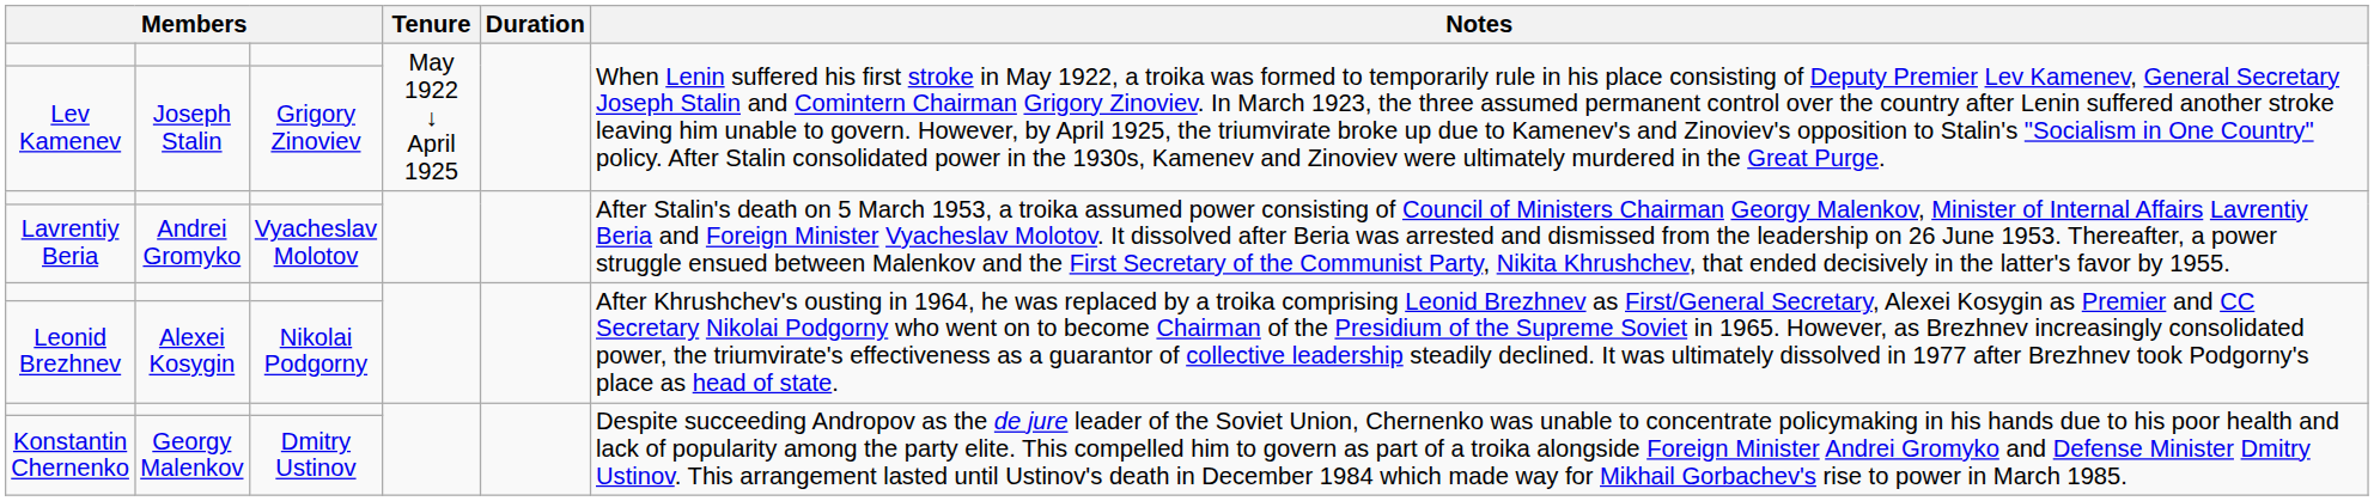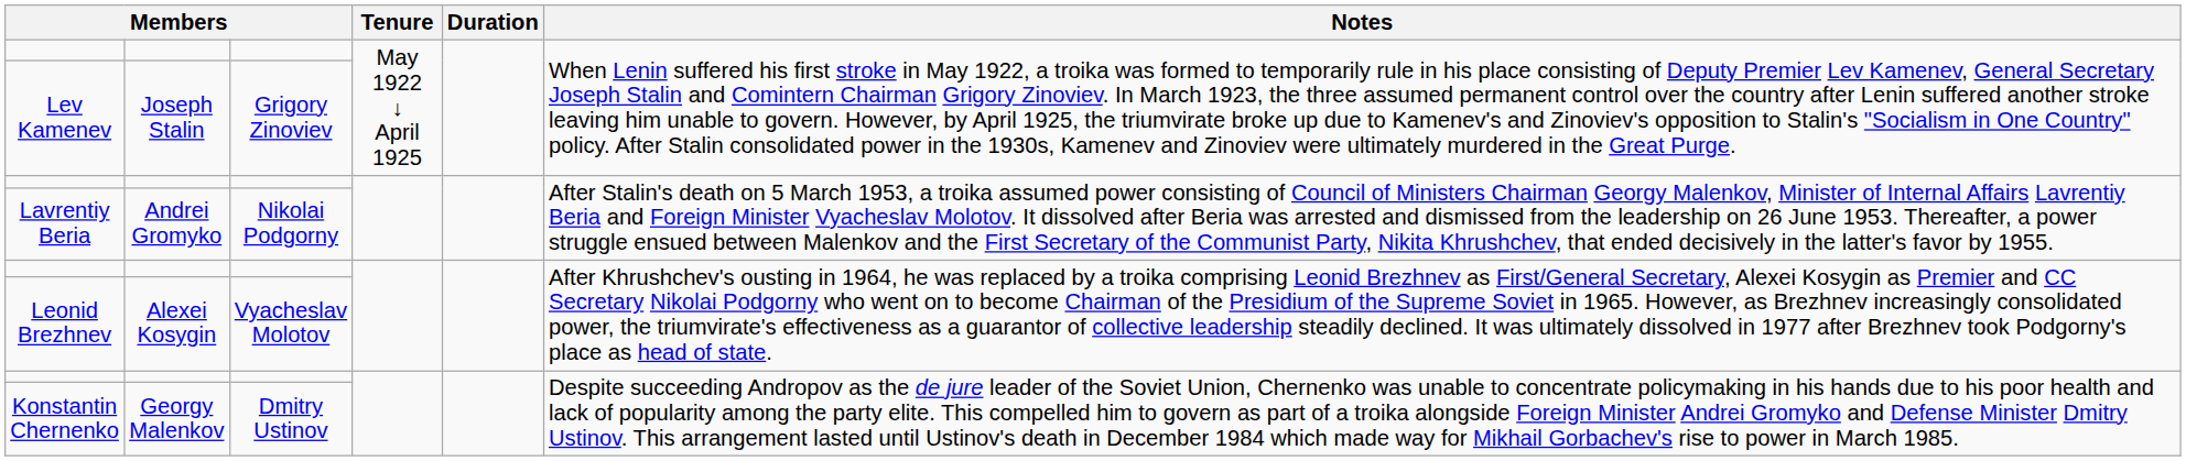 <table class="wikitable" style="border: none; text-align:center">
 <tr>
 <th colspan="3">Members<br></th>
 <th>Tenure</th>
 <th>Duration</th>
 <th>Notes</th>
 </tr>
 <tr>
 <td></td>
 <td></td>
 <td></td>
 <td rowspan=2>May 1922<br>↓<br>April 1925</td>
 <td rowspan=2></td>
 <td style="text-align:left" rowspan=2>When <a href='#'>Lenin</a> suffered his first <a href='#'>stroke</a> in May 1922, a troika was formed to temporarily rule in his place consisting of <a href='#'>Deputy Premier</a> <a href='#'>Lev Kamenev</a>, <a href='#'>General Secretary</a> <a href='#'>Joseph Stalin</a> and <a href='#'>Comintern Chairman</a> <a href='#'>Grigory Zinoviev</a>. In March 1923, the three assumed permanent control over the country after Lenin suffered another stroke leaving him unable to govern. However, by April 1925, the triumvirate broke up due to Kamenev's and Zinoviev's opposition to Stalin's <a href='#'>"Socialism in One Country"</a> policy. After Stalin consolidated power in the 1930s, Kamenev and Zinoviev were ultimately murdered in the <a href='#'>Great Purge</a>.</td>
 </tr>
 <tr>
 <td><a href='#'>Lev<br>Kamenev</a><br></td>
 <td><a href='#'>Joseph<br>Stalin</a><br></td>
 <td><a href='#'>Grigory<br>Zinoviev</a><br></td>
 </tr>
 <tr>
 <td></td>
 <td></td>
 <td></td>
 <td rowspan=2></td>
 <td rowspan=2></td>
 <td style="text-align:left" rowspan=2>After Stalin's death on 5 March 1953, a troika assumed power consisting of <a href='#'>Council of Ministers Chairman</a> <a href='#'>Georgy Malenkov</a>, <a href='#'>Minister of Internal Affairs</a> <a href='#'>Lavrentiy Beria</a> and <a href='#'>Foreign Minister</a> <a href='#'>Vyacheslav Molotov</a>. It dissolved after Beria was arrested and dismissed from the leadership on 26 June 1953. Thereafter, a power struggle ensued between Malenkov and the <a href='#'>First Secretary of the Communist Party</a>, <a href='#'>Nikita Khrushchev</a>, that ended decisively in the latter's favor by 1955.</td>
 </tr>
 <tr>
 <td><a href='#'>Lavrentiy<br>Beria</a><br></td>
 <td><a href='#'>Andrei<br>Gromyko</a><br></td>
-<td><a href='#'>Vyacheslav<br>Molotov</a><br></td>
+<td><a href='#'>Nikolai<br>Podgorny</a><br></td>
 </tr>
 <tr>
 <td></td>
 <td></td>
 <td></td>
 <td rowspan=2></td>
 <td rowspan=2></td>
 <td style="text-align:left" rowspan=2>After Khrushchev's ousting in 1964, he was replaced by a troika comprising <a href='#'>Leonid Brezhnev</a> as <a href='#'>First/General Secretary</a>, Alexei Kosygin as <a href='#'>Premier</a> and <a href='#'>CC</a> <a href='#'>Secretary</a> <a href='#'>Nikolai Podgorny</a> who went on to become <a href='#'>Chairman</a> of the <a href='#'>Presidium of the Supreme Soviet</a> in 1965. However, as Brezhnev increasingly consolidated power, the triumvirate's effectiveness as a guarantor of <a href='#'>collective leadership</a> steadily declined. It was ultimately dissolved in 1977 after Brezhnev took Podgorny's place as <a href='#'>head of state</a>.</td>
 </tr>
 <tr>
 <td><a href='#'>Leonid<br>Brezhnev</a><br></td>
 <td><a href='#'>Alexei<br>Kosygin</a><br></td>
-<td><a href='#'>Nikolai<br>Podgorny</a><br></td>
+<td><a href='#'>Vyacheslav<br>Molotov</a><br></td>
 </tr>
 <tr>
 <td></td>
 <td></td>
 <td></td>
 <td rowspan=2></td>
 <td rowspan=2></td>
 <td style="text-align:left" rowspan=2>Despite succeeding Andropov as the <em><a href='#'>de jure</a></em> leader of the Soviet Union, Chernenko was unable to concentrate policymaking in his hands due to his poor health and lack of popularity among the party elite. This compelled him to govern as part of a troika alongside <a href='#'>Foreign Minister</a> <a href='#'>Andrei Gromyko</a> and <a href='#'>Defense Minister</a> <a href='#'>Dmitry Ustinov</a>. This arrangement lasted until Ustinov's death in December 1984 which made way for <a href='#'>Mikhail Gorbachev's</a> rise to power in March 1985.</td>
 </tr>
 <tr>
 <td><a href='#'>Konstantin<br>Chernenko</a><br></td>
 <td><a href='#'>Georgy<br>Malenkov</a><br></td>
 <td><a href='#'>Dmitry<br>Ustinov</a><br></td>
 </tr>
 </table>
